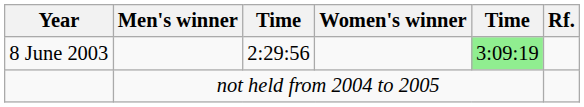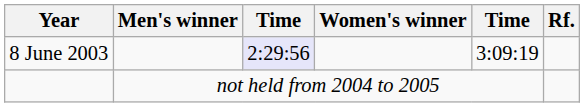 <table class="wikitable sortable" style="text-align:center">
 <tr>
 <th>Year</th>
 <th>Men's winner</th>
 <th>Time</th>
 <th>Women's winner</th>
 <th>Time</th>
 <th class="unsortable">Rf.</th>
 </tr>
 <tr>
 <td>8 June 2003 </td>
 <td align=left></td>
-<td>2:29:56</td>
+<td style="background: lavender;">2:29:56</td>
 <td align=left></td>
-<td style="background: lightgreen;">3:09:19 </td>
+<td>3:09:19 </td>
 <td></td>
 </tr>
 <tr>
 <td></td>
 <td colspan="4" align="center" data-sort-value=""><em>not held from 2004 to 2005</em></td>
 <td></td>
 </tr>
 </table>
